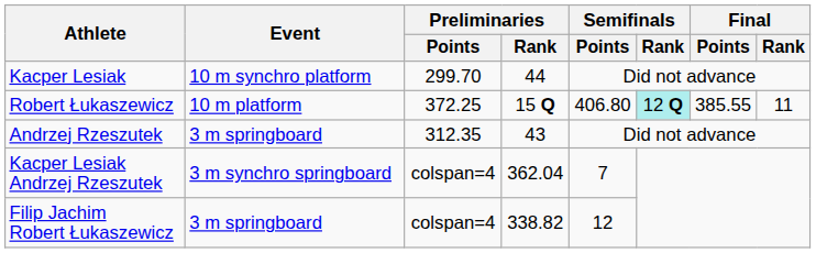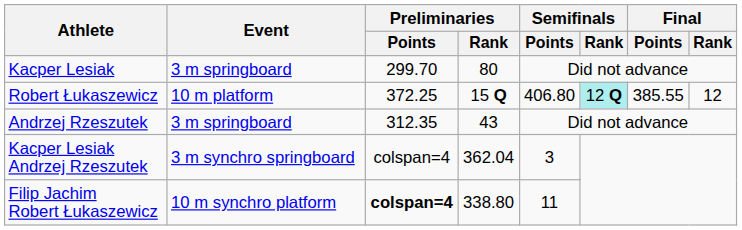 <table class="wikitable" style="text-align:center; font-size:90%; width:50%;">
 <tr>
 <th rowspan=2>Athlete</th>
 <th rowspan=2>Event</th>
 <th colspan=2>Preliminaries</th>
 <th colspan=2>Semifinals</th>
 <th colspan=2>Final</th>
 </tr>
 <tr style="font-size:95%">
 <th>Points</th>
 <th>Rank</th>
 <th>Points</th>
 <th>Rank</th>
 <th>Points</th>
 <th>Rank</th>
 </tr>
 <tr>
 <td align=left><a href='#'>Kacper Lesiak</a></td>
-<td align=left><a href='#'>10 m synchro platform</a></td>
+<td align=left><a href='#'>3 m springboard</a></td>
 <td>299.70</td>
-<td>44</td>
+<td>80</td>
 <td colspan=4>Did not advance</td>
 </tr>
 <tr>
 <td align=left><a href='#'>Robert Łukaszewicz</a></td>
 <td align=left><a href='#'>10 m platform</a></td>
 <td>372.25</td>
 <td>15 <strong>Q</strong></td>
 <td>406.80</td>
 <td style="background: paleturquoise;">12 <strong>Q</strong></td>
 <td>385.55</td>
-<td>11</td>
+<td>12</td>
 </tr>
 <tr>
 <td align=left><a href='#'>Andrzej Rzeszutek</a></td>
 <td align=left><a href='#'>3 m springboard</a></td>
 <td>312.35</td>
 <td>43</td>
 <td colspan=4>Did not advance</td>
 </tr>
 <tr>
 <td align=left><a href='#'>Kacper Lesiak</a><br> <a href='#'>Andrzej Rzeszutek</a></td>
 <td align=left><a href='#'>3 m synchro springboard</a></td>
 <td>colspan=4 </td>
 <td>362.04</td>
-<td>7</td>
+<td>3</td>
 </tr>
 <tr>
 <td align=left><a href='#'>Filip Jachim</a><br> <a href='#'>Robert Łukaszewicz</a></td>
-<td align=left><a href='#'>3 m springboard</a></td>
-<td>colspan=4 </td>
-<td>338.82</td>
-<td>12</td>
+<td align=left><a href='#'>10 m synchro platform</a></td>
+<td><strong>colspan=4 </strong></td>
+<td>338.80</td>
+<td>11</td>
 </tr>
 </table>
